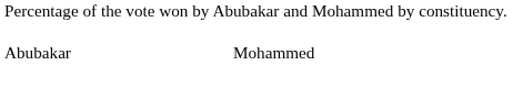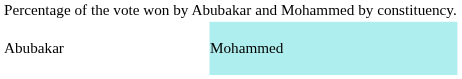 <table align=center>
 <tr>
 <td colspan=2>Percentage of the vote won by Abubakar and Mohammed by constituency.</td>
 </tr>
 <tr>
 <td><br>Abubakar<br> <br> </td>
-<td><br>Mohammed<br> <br> </td>
+<td style="background: paleturquoise;"><br>Mohammed<br> <br> </td>
 </tr>
 </table>
